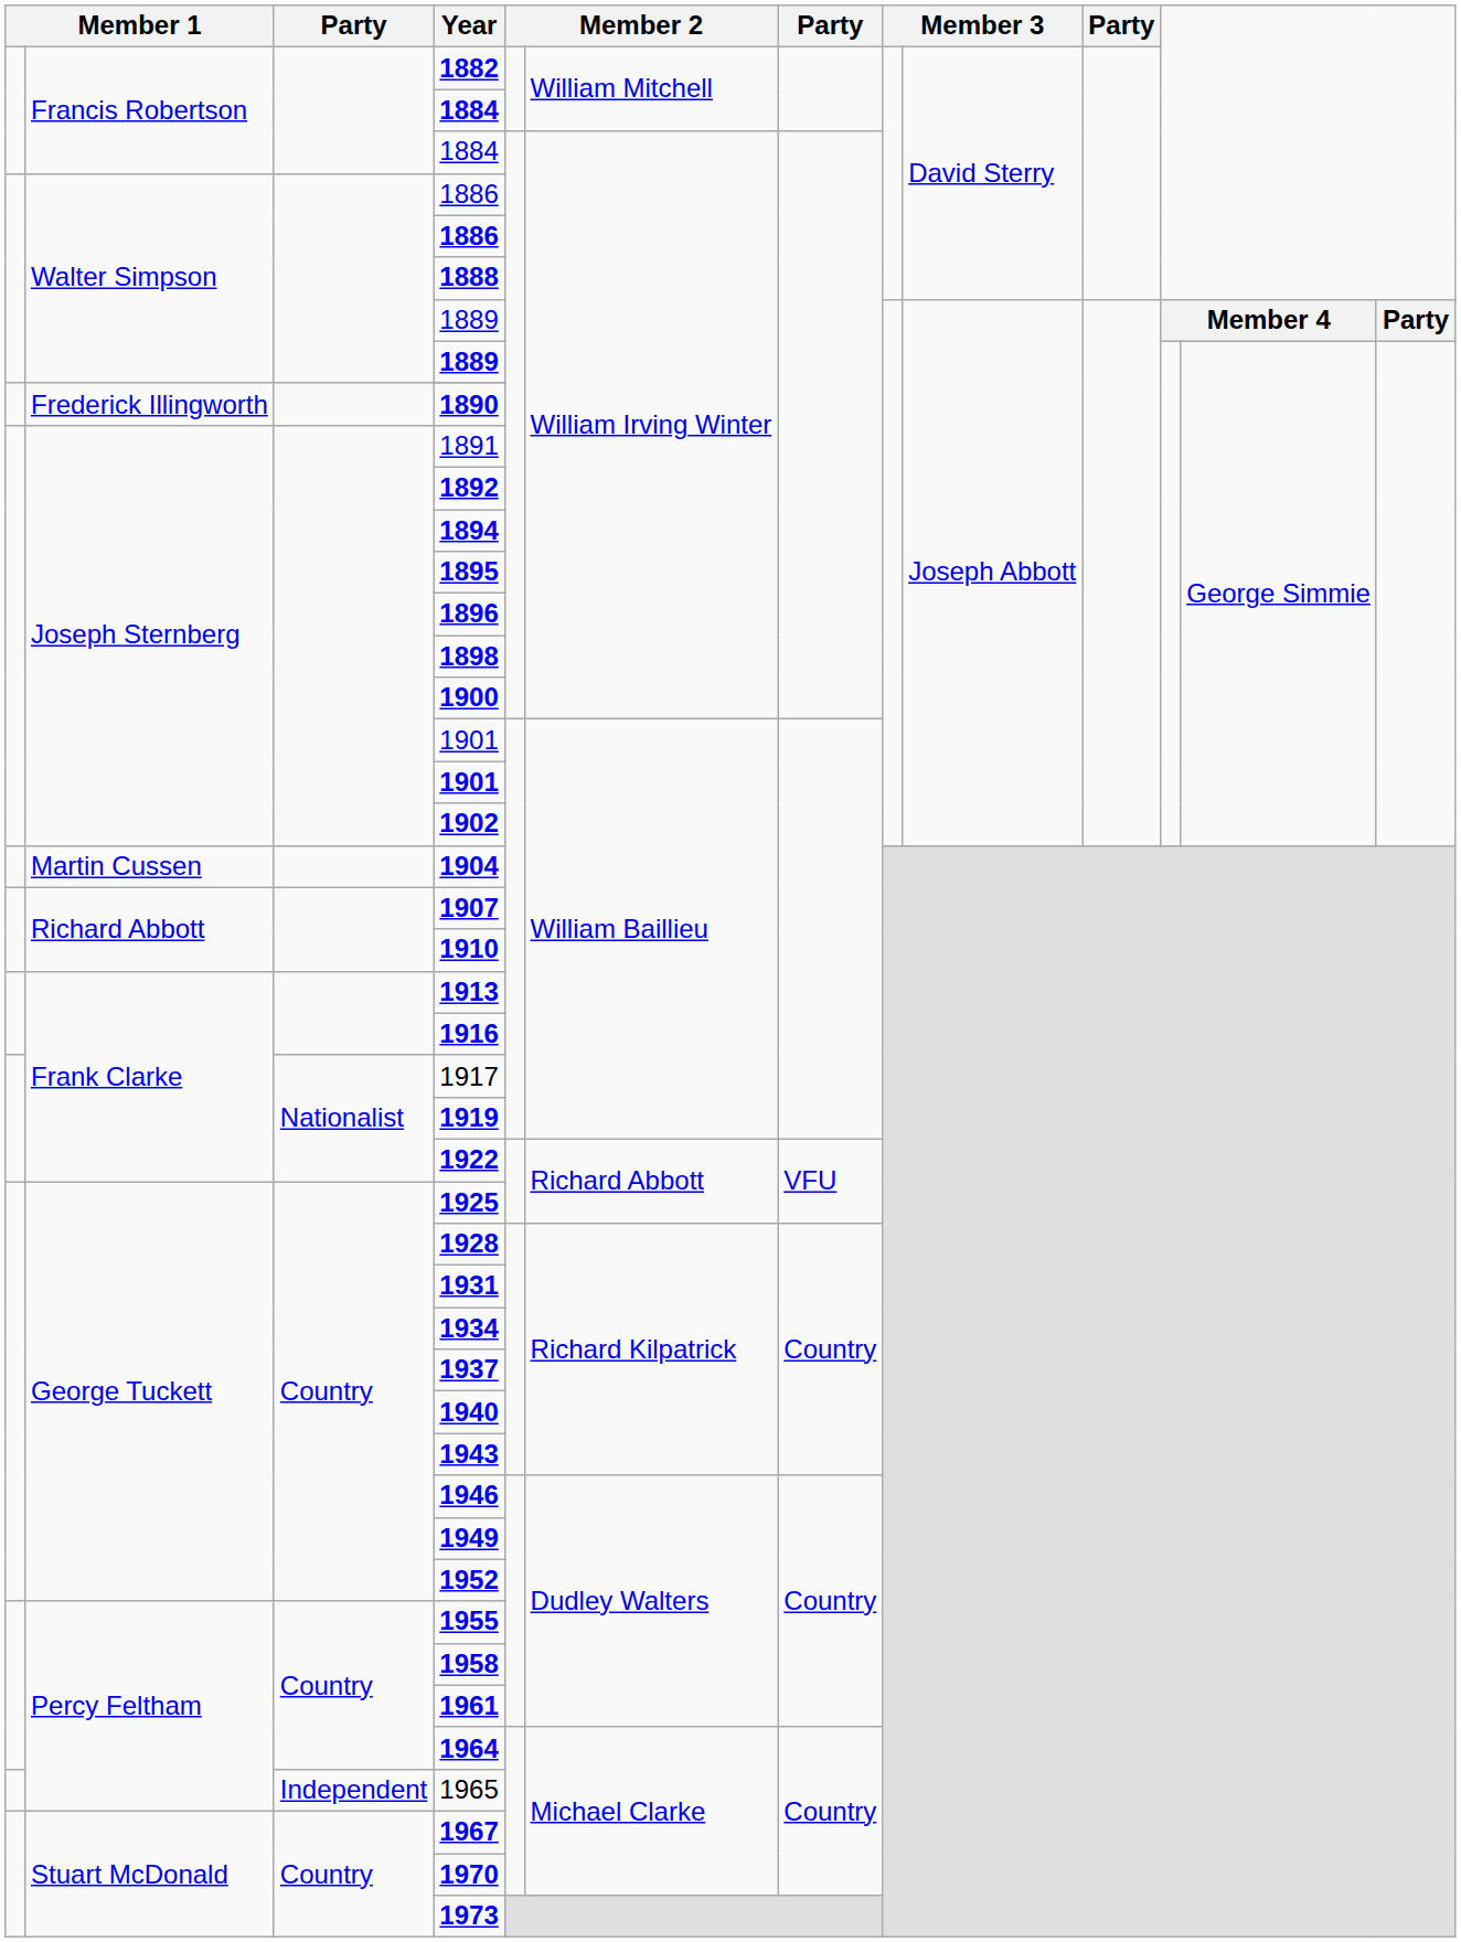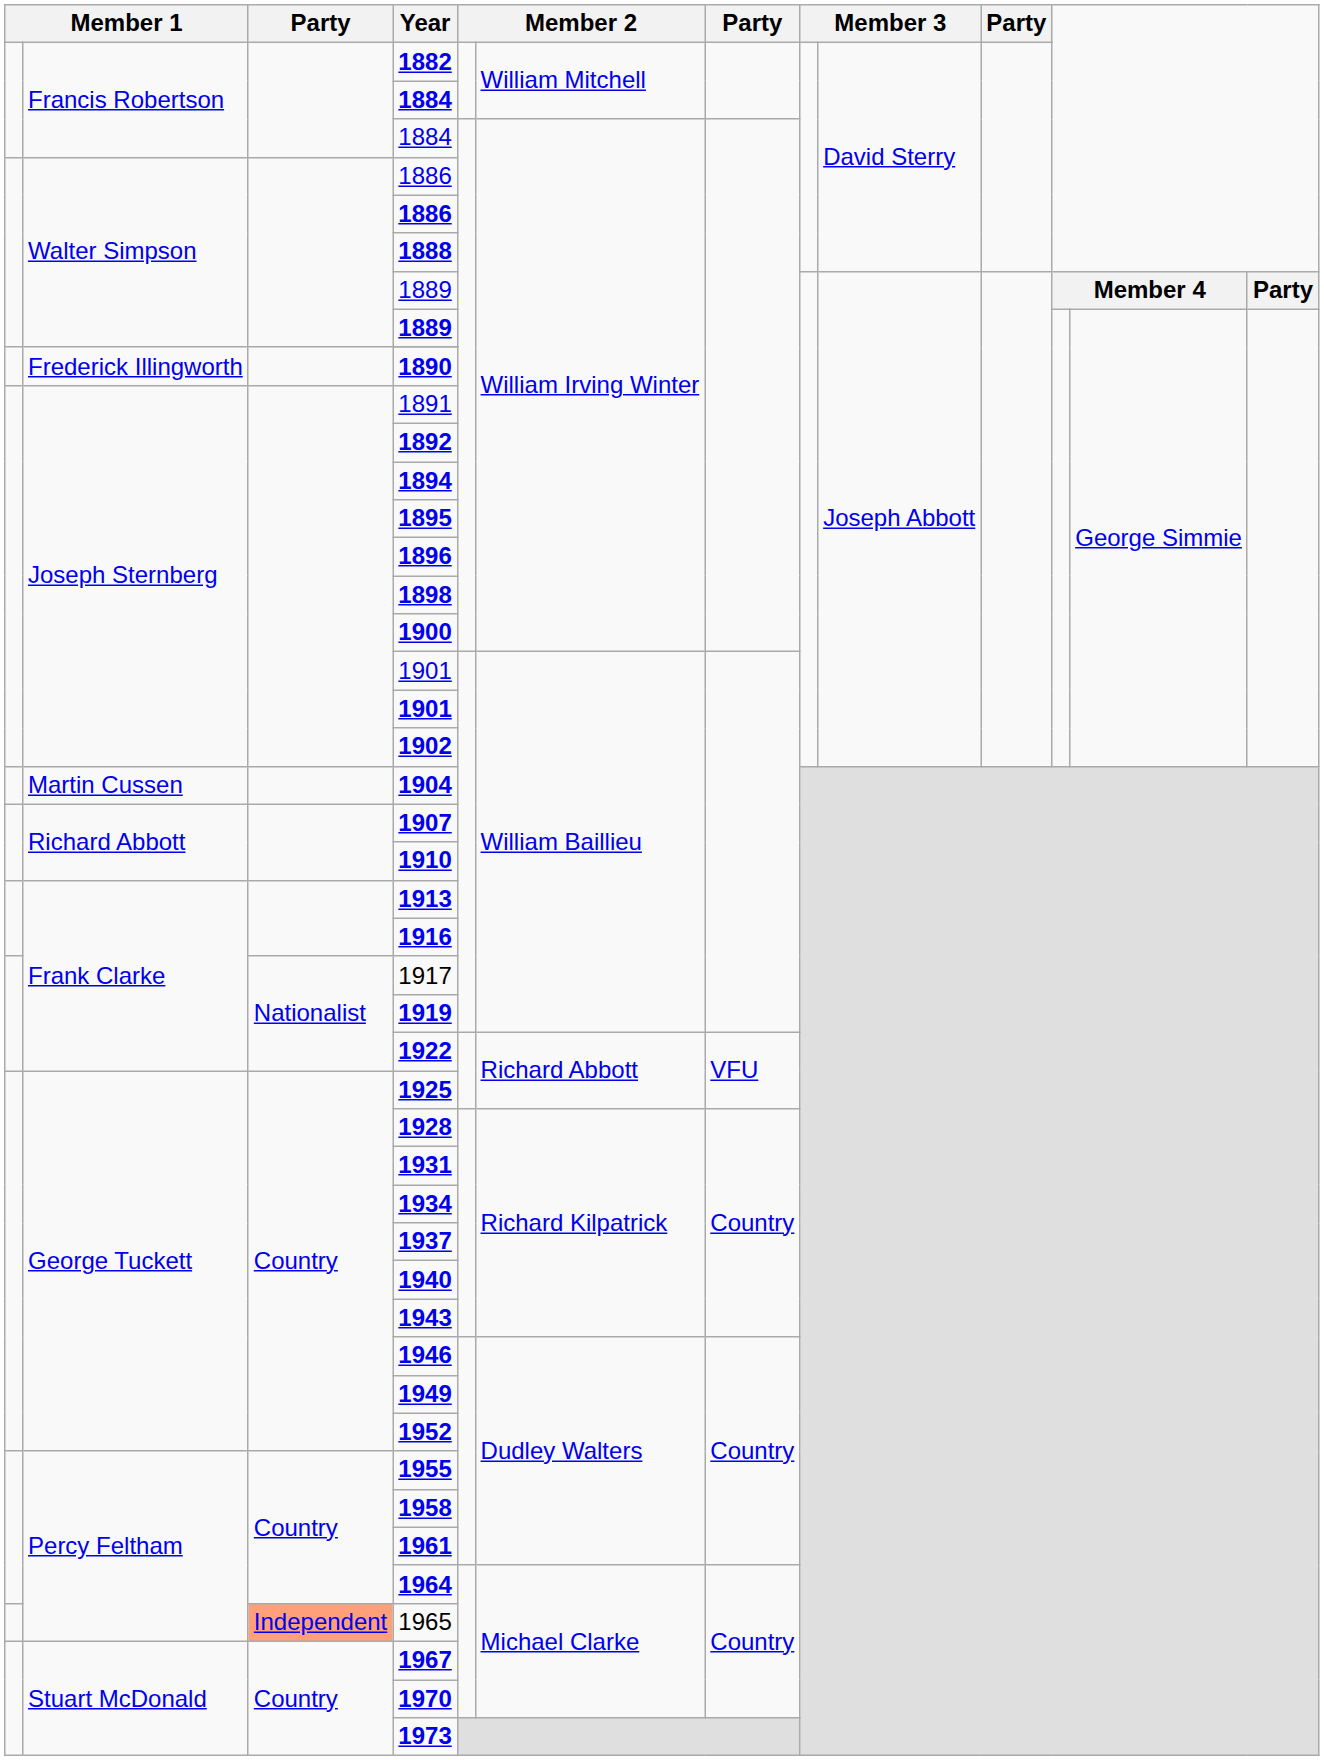 <table class="wikitable">
 <tr>
 <th colspan=2>Member 1</th>
 <th>Party</th>
 <th>Year</th>
 <th colspan=2>Member 2</th>
 <th>Party</th>
 <th colspan=2>Member 3</th>
 <th>Party</th>
 </tr>
 <tr>
 <td rowspan=3 > </td>
 <td rowspan=3><a href='#'>Francis Robertson</a></td>
 <td rowspan=3> </td>
 <td><strong><a href='#'>1882</a></strong></td>
 <td rowspan=2 > </td>
 <td rowspan=2><a href='#'>William Mitchell</a></td>
 <td rowspan=2> </td>
 <td rowspan=6 > </td>
 <td rowspan=6><a href='#'>David Sterry</a></td>
 <td rowspan=6> </td>
 </tr>
 <tr>
 <td><strong><a href='#'>1884</a></strong></td>
 </tr>
 <tr>
 <td><a href='#'>1884</a></td>
 <td rowspan=15 > </td>
 <td rowspan=15><a href='#'>William Irving Winter</a></td>
 <td rowspan=15> </td>
 </tr>
 <tr>
 <td rowspan=5 > </td>
 <td rowspan=5><a href='#'>Walter Simpson</a></td>
 <td rowspan=5> </td>
 <td><a href='#'>1886</a></td>
 </tr>
 <tr>
 <td><strong><a href='#'>1886</a></strong></td>
 </tr>
 <tr>
 <td><strong><a href='#'>1888</a></strong></td>
 </tr>
 <tr>
 <td><a href='#'>1889</a></td>
 <td rowspan=14 > </td>
 <td rowspan=14><a href='#'>Joseph Abbott</a></td>
 <td rowspan=14> </td>
 <th colspan=2>Member 4</th>
 <th>Party</th>
 </tr>
 <tr>
 <td><strong><a href='#'>1889</a></strong></td>
 <td rowspan=13 > </td>
 <td rowspan=13><a href='#'>George Simmie</a></td>
 <td rowspan=13> </td>
 </tr>
 <tr>
 <td rowspan=2 > </td>
 <td rowspan=2><a href='#'>Frederick Illingworth</a></td>
 <td rowspan=2> </td>
 </tr>
 <tr>
 <td><strong><a href='#'>1890</a></strong></td>
 </tr>
 <tr>
 <td rowspan=10 > </td>
 <td rowspan=10><a href='#'>Joseph Sternberg</a></td>
 <td rowspan=10> </td>
 <td><a href='#'>1891</a></td>
 </tr>
 <tr>
 <td><strong><a href='#'>1892</a></strong></td>
 </tr>
 <tr>
 <td><strong><a href='#'>1894</a></strong></td>
 </tr>
 <tr>
 <td><strong><a href='#'>1895</a></strong></td>
 </tr>
 <tr>
 <td><strong><a href='#'>1896</a></strong></td>
 </tr>
 <tr>
 <td><strong><a href='#'>1898</a></strong></td>
 </tr>
 <tr>
 <td><strong><a href='#'>1900</a></strong></td>
 </tr>
 <tr>
 <td><a href='#'>1901</a></td>
 <td rowspan=10 > </td>
 <td rowspan=10><a href='#'>William Baillieu</a></td>
 <td rowspan=10> </td>
 </tr>
 <tr>
 <td><strong><a href='#'>1901</a></strong></td>
 </tr>
 <tr>
 <td><strong><a href='#'>1902</a></strong></td>
 </tr>
 <tr>
 <td> </td>
 <td><a href='#'>Martin Cussen</a></td>
 <td> </td>
 <td><strong><a href='#'>1904</a></strong></td>
 <td rowspan=26 colspan=6 bgcolor=#DFDFDF> </td>
 </tr>
 <tr>
 <td rowspan=2 > </td>
 <td rowspan=2><a href='#'>Richard Abbott</a></td>
 <td rowspan=2> </td>
 <td><strong><a href='#'>1907</a></strong></td>
 </tr>
 <tr>
 <td><strong><a href='#'>1910</a></strong></td>
 </tr>
 <tr>
 <td rowspan=2 > </td>
 <td rowspan=5><a href='#'>Frank Clarke</a></td>
 <td rowspan=2> </td>
 <td><strong><a href='#'>1913</a></strong></td>
 </tr>
 <tr>
 <td><strong><a href='#'>1916</a></strong></td>
 </tr>
 <tr>
 <td rowspan=3 > </td>
 <td rowspan=3><a href='#'>Nationalist</a></td>
 <td>1917</td>
 </tr>
 <tr>
 <td><strong><a href='#'>1919</a></strong></td>
 </tr>
 <tr>
 <td><strong><a href='#'>1922</a></strong></td>
 <td rowspan=2 > </td>
 <td rowspan=2><a href='#'>Richard Abbott</a></td>
 <td rowspan=2><a href='#'>VFU</a></td>
 </tr>
 <tr>
 <td rowspan=10 > </td>
 <td rowspan=10><a href='#'>George Tuckett</a></td>
 <td rowspan=10><a href='#'>Country</a></td>
 <td><strong><a href='#'>1925</a></strong></td>
 </tr>
 <tr>
 <td><strong><a href='#'>1928</a></strong></td>
 <td rowspan=6 > </td>
 <td rowspan=6><a href='#'>Richard Kilpatrick</a></td>
 <td rowspan=6><a href='#'>Country</a></td>
 </tr>
 <tr>
 <td><strong><a href='#'>1931</a></strong></td>
 </tr>
 <tr>
 <td><strong><a href='#'>1934</a></strong></td>
 </tr>
 <tr>
 <td><strong><a href='#'>1937</a></strong></td>
 </tr>
 <tr>
 <td><strong><a href='#'>1940</a></strong></td>
 </tr>
 <tr>
 <td><strong><a href='#'>1943</a></strong></td>
 </tr>
 <tr>
 <td><strong><a href='#'>1946</a></strong></td>
 <td rowspan=6 > </td>
 <td rowspan=6><a href='#'>Dudley Walters</a></td>
 <td rowspan=6><a href='#'>Country</a></td>
 </tr>
 <tr>
 <td><strong><a href='#'>1949</a></strong></td>
 </tr>
 <tr>
 <td><strong><a href='#'>1952</a></strong></td>
 </tr>
 <tr>
 <td rowspan=4 > </td>
 <td rowspan=5><a href='#'>Percy Feltham</a></td>
 <td rowspan=4><a href='#'>Country</a></td>
 <td><strong><a href='#'>1955</a></strong></td>
 </tr>
 <tr>
 <td><strong><a href='#'>1958</a></strong></td>
 </tr>
 <tr>
 <td><strong><a href='#'>1961</a></strong></td>
 </tr>
 <tr>
 <td><strong><a href='#'>1964</a></strong></td>
 <td rowspan=4 > </td>
 <td rowspan=4><a href='#'>Michael Clarke</a></td>
 <td rowspan=4><a href='#'>Country</a></td>
 </tr>
 <tr>
 <td> </td>
-<td><a href='#'>Independent</a></td>
+<td style="background: lightsalmon;"><a href='#'>Independent</a></td>
 <td>1965</td>
 </tr>
 <tr>
 <td rowspan=3 > </td>
 <td rowspan=3><a href='#'>Stuart McDonald</a></td>
 <td rowspan=3><a href='#'>Country</a></td>
 <td><strong><a href='#'>1967</a></strong></td>
 </tr>
 <tr>
 <td><strong><a href='#'>1970</a></strong></td>
 </tr>
 <tr>
 <td><strong><a href='#'>1973</a></strong></td>
 <td colspan=3 bgcolor=#DFDFDF> </td>
 </tr>
 </table>
